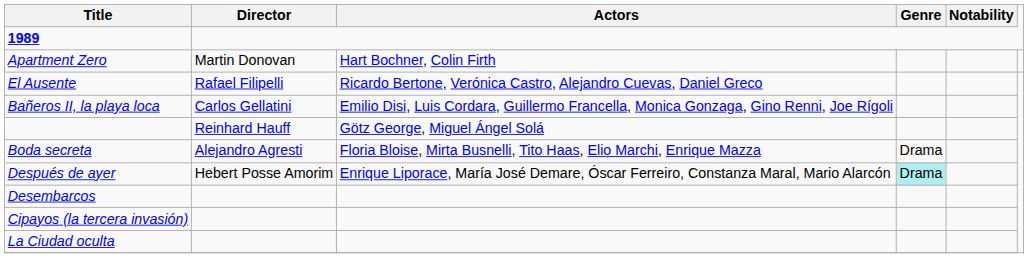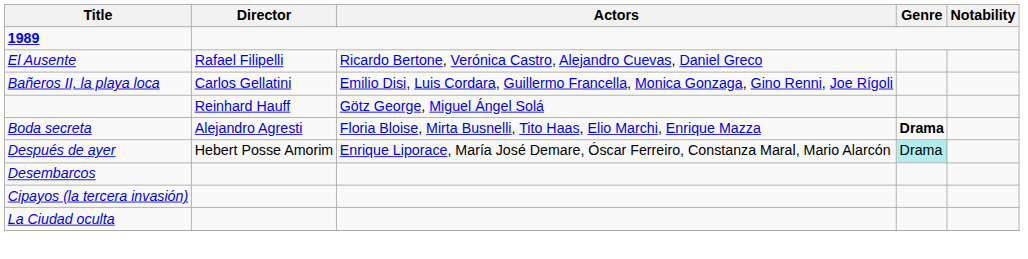 <table class="wikitable">
 <tr>
 <th>Title</th>
 <th>Director</th>
 <th>Actors</th>
 <th>Genre</th>
 <th>Notability</th>
 </tr>
 <tr>
 <td><strong><a href='#'>1989</a></strong></td>
-</tr>
-<tr>
-<td><em><a href='#'>Apartment Zero</a></em></td>
-<td>Martin Donovan</td>
-<td><a href='#'>Hart Bochner</a>, <a href='#'>Colin Firth</a></td>
-<td></td>
-<td></td>
-<td></td>
 </tr>
 <tr>
 <td><em><a href='#'>El Ausente</a></em></td>
 <td><a href='#'>Rafael Filipelli</a></td>
 <td><a href='#'>Ricardo Bertone</a>, <a href='#'>Verónica Castro</a>, <a href='#'>Alejandro Cuevas</a>, <a href='#'>Daniel Greco</a></td>
 <td></td>
 <td></td>
 </tr>
 <tr>
 <td><em><a href='#'>Bañeros II, la playa loca</a></em></td>
 <td><a href='#'>Carlos Gellatini</a></td>
 <td><a href='#'>Emilio Disi</a>, <a href='#'>Luis Cordara</a>, <a href='#'>Guillermo Francella</a>, <a href='#'>Monica Gonzaga</a>, <a href='#'>Gino Renni</a>, <a href='#'>Joe Rígoli</a></td>
 <td></td>
 <td></td>
 </tr>
 <tr>
 <td><em></em></td>
 <td><a href='#'>Reinhard Hauff</a></td>
 <td><a href='#'>Götz George</a>, <a href='#'>Miguel Ángel Solá</a></td>
 <td></td>
 <td></td>
 </tr>
 <tr>
 <td><em><a href='#'>Boda secreta</a></em></td>
 <td><a href='#'>Alejandro Agresti</a></td>
 <td><a href='#'>Floria Bloise</a>, <a href='#'>Mirta Busnelli</a>, <a href='#'>Tito Haas</a>, <a href='#'>Elio Marchi</a>, <a href='#'>Enrique Mazza</a></td>
-<td>Drama</td>
+<td><strong>Drama</strong></td>
 <td></td>
 </tr>
 <tr>
 <td><em><a href='#'>Después de ayer</a></em></td>
 <td>Hebert Posse Amorim</td>
 <td><a href='#'>Enrique Liporace</a>, María José Demare, Óscar Ferreiro, Constanza Maral, Mario Alarcón</td>
 <td style="background: paleturquoise;">Drama</td>
 <td></td>
 </tr>
 <tr>
 <td><em><a href='#'>Desembarcos</a></em></td>
 <td></td>
 <td></td>
 <td></td>
 <td></td>
 </tr>
 <tr>
 <td><em><a href='#'>Cipayos (la tercera invasión)</a></em></td>
 <td></td>
 <td></td>
 <td></td>
 <td></td>
 </tr>
 <tr>
 <td><em><a href='#'>La Ciudad oculta</a></em></td>
 <td></td>
 <td></td>
 <td></td>
 <td></td>
 </tr>
 <tr>
 </tr>
 </table>
